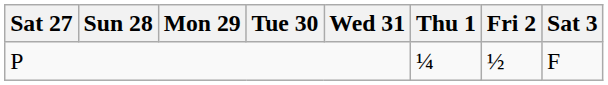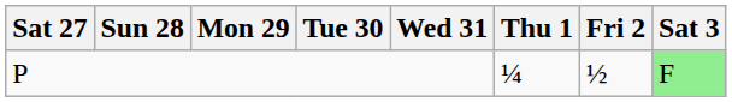 <table class="wikitable olympic-schedule table-tennis">
 <tr>
 <th>Sat 27</th>
 <th colspan=2>Sun 28</th>
 <th>Mon 29</th>
 <th>Tue 30</th>
 <th>Wed 31</th>
 <th colspan=2>Thu 1</th>
 <th>Fri 2</th>
 <th>Sat 3</th>
 </tr>
 <tr>
 <td colspan=6 class="prelims">P</td>
 <td class="quarterfinals">¼</td>
 <td colspan=2 class="semifinals">½</td>
-<td class="final">F</td>
+<td class="final" style="background: lightgreen;">F</td>
 </tr>
 </table>
